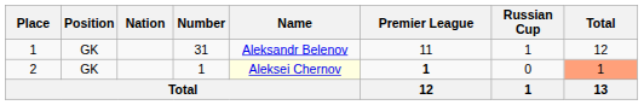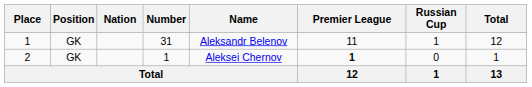 <table class="wikitable" style="font-size: 95%; text-align: center;">
 <tr>
 <th width=60>Place</th>
 <th width=60>Position</th>
 <th width=60>Nation</th>
 <th width=60>Number</th>
 <th width=150>Name</th>
 <th width=150>Premier League</th>
 <th width=80>Russian Cup</th>
 <th width=80>Total</th>
 </tr>
 <tr>
 <td>1</td>
 <td>GK</td>
 <td></td>
 <td>31</td>
 <td><a href='#'>Aleksandr Belenov</a></td>
 <td>11</td>
 <td>1</td>
 <td>12</td>
 </tr>
 <tr>
 <td>2</td>
 <td>GK</td>
 <td></td>
 <td>1</td>
-<td style="background: lightyellow;"><a href='#'>Aleksei Chernov</a></td>
+<td><a href='#'>Aleksei Chernov</a></td>
 <td><strong>1</strong></td>
 <td>0</td>
-<td style="background: lightsalmon;">1</td>
+<td>1</td>
 </tr>
 <tr>
 <th colspan=5>Total</th>
 <th>12</th>
 <th>1</th>
 <th>13</th>
 </tr>
 </table>
